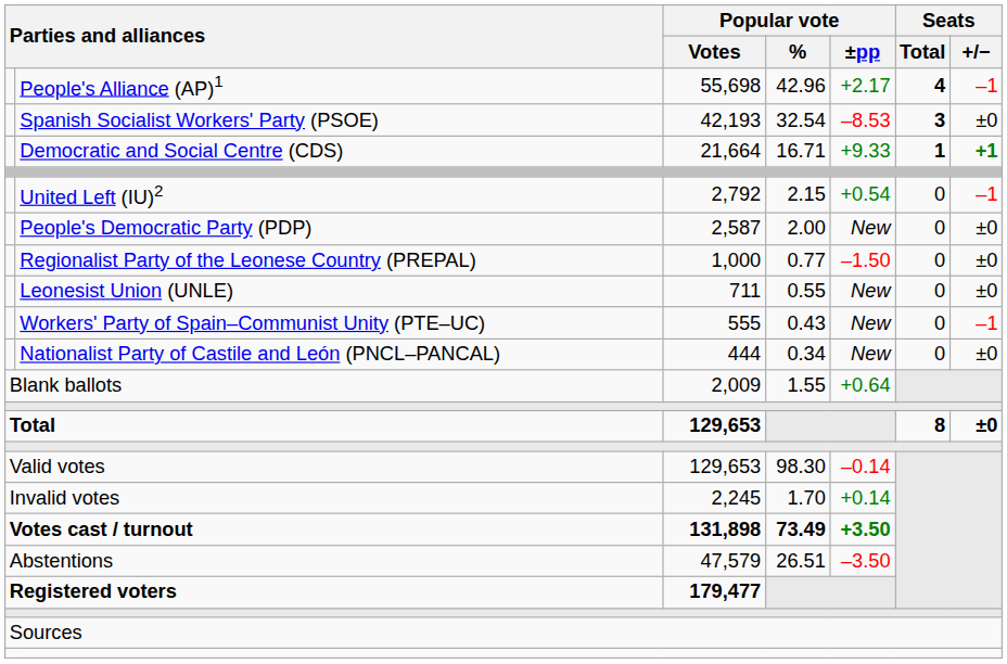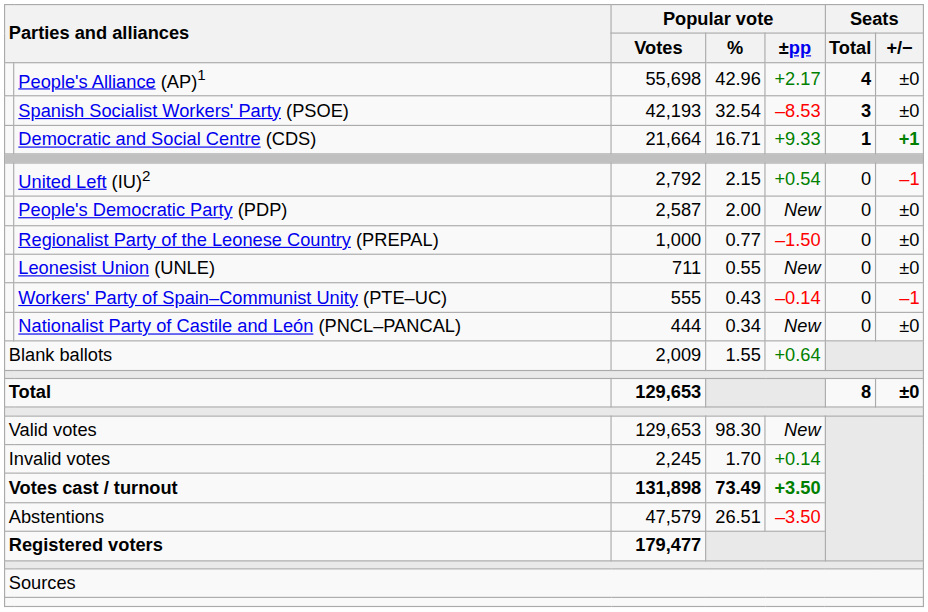 <table class="wikitable" style="text-align:right;">
 <tr>
 <th style="text-align:left;" rowspan="2" colspan="2" width="525">Parties and alliances</th>
 <th colspan="3">Popular vote</th>
 <th colspan="2">Seats</th>
 </tr>
 <tr>
 <th width="75">Votes</th>
 <th width="45">%</th>
 <th width="45">±<a href='#'>pp</a></th>
 <th width="35">Total</th>
 <th width="35">+/−</th>
 </tr>
 <tr>
 <td width="1" style="color:inherit;background:"></td>
 <td align="left"><a href='#'>People's Alliance</a> (AP)<sup>1</sup></td>
 <td>55,698</td>
 <td>42.96</td>
 <td style="color:green;">+2.17</td>
 <td><strong>4</strong></td>
-<td style="color:red;">–1</td>
+<td>±0</td>
 </tr>
 <tr>
 <td style="color:inherit;background:"></td>
 <td align="left"><a href='#'>Spanish Socialist Workers' Party</a> (PSOE)</td>
 <td>42,193</td>
 <td>32.54</td>
 <td style="color:red;">–8.53</td>
 <td><strong>3</strong></td>
 <td>±0</td>
 </tr>
 <tr>
 <td style="color:inherit;background:"></td>
 <td align="left"><a href='#'>Democratic and Social Centre</a> (CDS)</td>
 <td>21,664</td>
 <td>16.71</td>
 <td style="color:green;">+9.33</td>
 <td><strong>1</strong></td>
 <td style="color:green;"><strong>+1</strong></td>
 </tr>
 <tr>
 <td colspan="7" bgcolor="#C0C0C0"></td>
 </tr>
 <tr>
 <td style="color:inherit;background:"></td>
 <td align="left"><a href='#'>United Left</a> (IU)<sup>2</sup></td>
 <td>2,792</td>
 <td>2.15</td>
 <td style="color:green;">+0.54</td>
 <td>0</td>
 <td style="color:red;">–1</td>
 </tr>
 <tr>
 <td style="color:inherit;background:"></td>
 <td align="left"><a href='#'>People's Democratic Party</a> (PDP)</td>
 <td>2,587</td>
 <td>2.00</td>
 <td><em>New</em></td>
 <td>0</td>
 <td>±0</td>
 </tr>
 <tr>
 <td style="color:inherit;background:"></td>
 <td align="left"><a href='#'>Regionalist Party of the Leonese Country</a> (PREPAL)</td>
 <td>1,000</td>
 <td>0.77</td>
 <td style="color:red;">–1.50</td>
 <td>0</td>
 <td>±0</td>
 </tr>
 <tr>
 <td style="color:inherit;background:"></td>
 <td align="left"><a href='#'>Leonesist Union</a> (UNLE)</td>
 <td>711</td>
 <td>0.55</td>
 <td><em>New</em></td>
 <td>0</td>
 <td>±0</td>
 </tr>
 <tr>
 <td style="color:inherit;background:"></td>
 <td align="left"><a href='#'>Workers' Party of Spain–Communist Unity</a> (PTE–UC)</td>
 <td>555</td>
 <td>0.43</td>
-<td><em>New</em></td>
+<td style="color:red;">–0.14</td>
 <td>0</td>
 <td style="color:red;">–1</td>
 </tr>
 <tr>
 <td style="color:inherit;background:"></td>
 <td align="left"><a href='#'>Nationalist Party of Castile and León</a> (PNCL–PANCAL)</td>
 <td>444</td>
 <td>0.34</td>
 <td><em>New</em></td>
 <td>0</td>
 <td>±0</td>
 </tr>
 <tr>
 <td align="left" colspan="2">Blank ballots</td>
 <td>2,009</td>
 <td>1.55</td>
 <td style="color:green;">+0.64</td>
 <td bgcolor="#E9E9E9" colspan="2"></td>
 </tr>
 <tr>
 <td colspan="7" bgcolor="#E9E9E9"></td>
 </tr>
 <tr style="font-weight:bold;">
 <td align="left" colspan="2">Total</td>
 <td>129,653</td>
 <td bgcolor="#E9E9E9" colspan="2"></td>
 <td>8</td>
 <td>±0</td>
 </tr>
 <tr>
 <td colspan="7" bgcolor="#E9E9E9"></td>
 </tr>
 <tr>
 <td align="left" colspan="2">Valid votes</td>
 <td>129,653</td>
 <td>98.30</td>
-<td style="color:red;">–0.14</td>
+<td><em>New</em></td>
 <td bgcolor="#E9E9E9" colspan="2" rowspan="5"></td>
 </tr>
 <tr>
 <td align="left" colspan="2">Invalid votes</td>
 <td>2,245</td>
 <td>1.70</td>
 <td style="color:green;">+0.14</td>
 </tr>
 <tr style="font-weight:bold;">
 <td align="left" colspan="2">Votes cast / turnout</td>
 <td>131,898</td>
 <td>73.49</td>
 <td style="color:green;">+3.50</td>
 </tr>
 <tr>
 <td align="left" colspan="2">Abstentions</td>
 <td>47,579</td>
 <td>26.51</td>
 <td style="color:red;">–3.50</td>
 </tr>
 <tr style="font-weight:bold;">
 <td align="left" colspan="2">Registered voters</td>
 <td>179,477</td>
 <td bgcolor="#E9E9E9" colspan="2"></td>
 </tr>
 <tr>
 <td colspan="7" bgcolor="#E9E9E9"></td>
 </tr>
 <tr>
 <td align="left" colspan="7">Sources</td>
 </tr>
 <tr>
 <td colspan="7" style="text-align:left; max-width:790px;"></td>
 </tr>
 </table>
